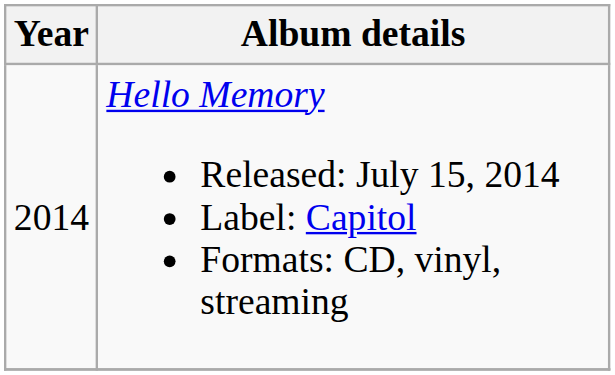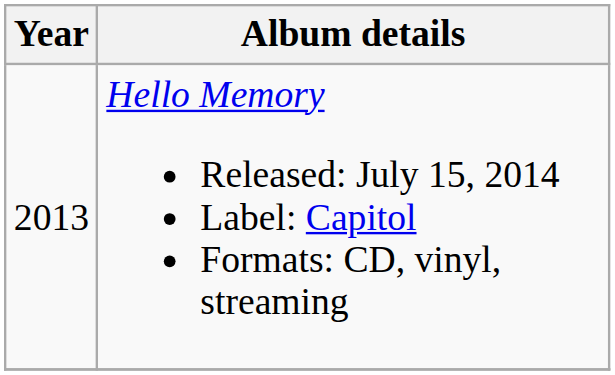 <table class="wikitable" style="text-align:center;">
 <tr>
 <th>Year</th>
 <th width="210">Album details</th>
 </tr>
 <tr>
-<td>2014</td>
+<td>2013</td>
 <td align="left"><em><a href='#'>Hello Memory</a></em><br><ul><li>Released: July 15, 2014</li><li>Label: <a href='#'>Capitol</a></li><li>Formats: CD, vinyl, streaming</li></ul></td>
 </tr>
 <tr>
 </tr>
 </table>
